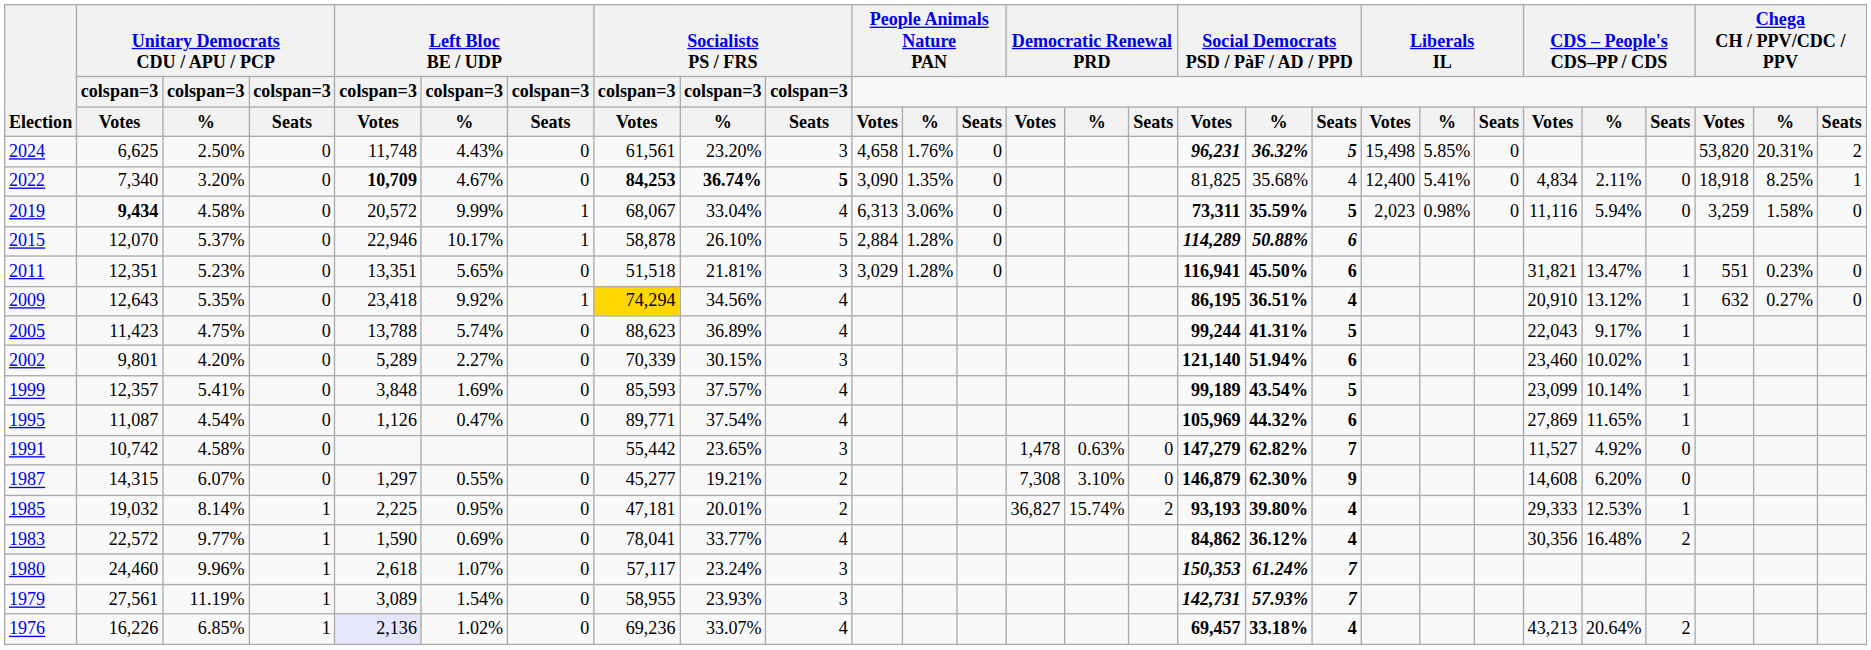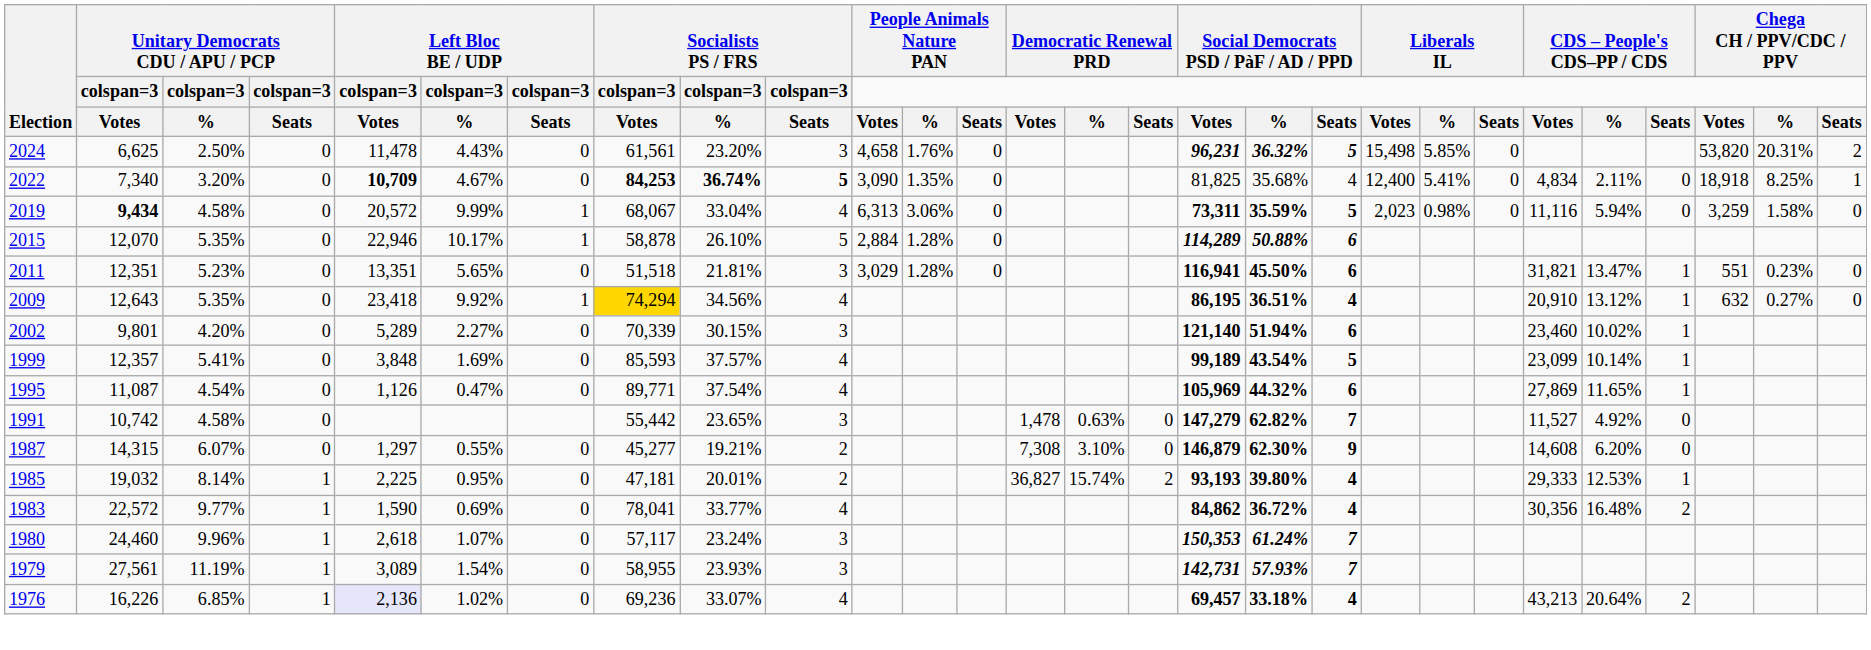 <table class="wikitable" border="1" style="font-size:85%; text-align:right;">
 <tr>
 <th style="text-align:left;" valign=bottom rowspan=3>Election</th>
 <th valign=bottom colspan=3><a href='#'>Unitary Democrats</a><br>CDU / APU / PCP</th>
 <th valign=bottom colspan=3><a href='#'>Left Bloc</a><br>BE / UDP</th>
 <th valign=bottom colspan=3><a href='#'>Socialists</a><br>PS / FRS</th>
 <th valign=bottom colspan=3><a href='#'>People Animals Nature</a><br>PAN</th>
 <th valign=bottom colspan=3><a href='#'>Democratic Renewal</a><br>PRD</th>
 <th valign=bottom colspan=3><a href='#'>Social Democrats</a><br>PSD / PàF / AD / PPD</th>
 <th valign=bottom colspan=3><a href='#'>Liberals</a><br>IL</th>
 <th valign=bottom colspan=3><a href='#'>CDS – People's</a><br>CDS–PP / CDS</th>
 <th valign=bottom colspan=3><a href='#'>Chega</a><br>CH / PPV/CDC / PPV</th>
 </tr>
 <tr>
 <th>colspan=3 </th>
 <th>colspan=3 </th>
 <th>colspan=3 </th>
 <th>colspan=3 </th>
 <th>colspan=3 </th>
 <th>colspan=3 </th>
 <th>colspan=3 </th>
 <th>colspan=3 </th>
 <th>colspan=3 </th>
 </tr>
 <tr>
 <th>Votes</th>
 <th>%</th>
 <th>Seats</th>
 <th>Votes</th>
 <th>%</th>
 <th>Seats</th>
 <th>Votes</th>
 <th>%</th>
 <th>Seats</th>
 <th>Votes</th>
 <th>%</th>
 <th>Seats</th>
 <th>Votes</th>
 <th>%</th>
 <th>Seats</th>
 <th>Votes</th>
 <th>%</th>
 <th>Seats</th>
 <th>Votes</th>
 <th>%</th>
 <th>Seats</th>
 <th>Votes</th>
 <th>%</th>
 <th>Seats</th>
 <th>Votes</th>
 <th>%</th>
 <th>Seats</th>
 </tr>
 <tr>
 <td align=left><a href='#'>2024</a></td>
 <td>6,625</td>
 <td>2.50%</td>
 <td>0</td>
-<td>11,748</td>
+<td>11,478</td>
 <td>4.43%</td>
 <td>0</td>
 <td>61,561</td>
 <td>23.20%</td>
 <td>3</td>
 <td>4,658</td>
 <td>1.76%</td>
 <td>0</td>
 <td></td>
 <td></td>
 <td></td>
 <td><strong><em>96,231</em></strong></td>
 <td><strong><em>36.32%</em></strong></td>
 <td><strong><em>5</em></strong></td>
 <td>15,498</td>
 <td>5.85%</td>
 <td>0</td>
 <td></td>
 <td></td>
 <td></td>
 <td>53,820</td>
 <td>20.31%</td>
 <td>2</td>
 </tr>
 <tr>
 <td align=left><a href='#'>2022</a></td>
 <td>7,340</td>
 <td>3.20%</td>
 <td>0</td>
 <td><strong>10,709</strong></td>
 <td>4.67%</td>
 <td>0</td>
 <td><strong>84,253</strong></td>
 <td><strong>36.74%</strong></td>
 <td><strong>5</strong></td>
 <td>3,090</td>
 <td>1.35%</td>
 <td>0</td>
 <td></td>
 <td></td>
 <td></td>
 <td>81,825</td>
 <td>35.68%</td>
 <td>4</td>
 <td>12,400</td>
 <td>5.41%</td>
 <td>0</td>
 <td>4,834</td>
 <td>2.11%</td>
 <td>0</td>
 <td>18,918</td>
 <td>8.25%</td>
 <td>1</td>
 </tr>
 <tr>
 <td align=left><a href='#'>2019</a></td>
 <td><strong>9,434</strong></td>
 <td>4.58%</td>
 <td>0</td>
 <td>20,572</td>
 <td>9.99%</td>
 <td>1</td>
 <td>68,067</td>
 <td>33.04%</td>
 <td>4</td>
 <td>6,313</td>
 <td>3.06%</td>
 <td>0</td>
 <td></td>
 <td></td>
 <td></td>
 <td><strong>73,311</strong></td>
 <td><strong>35.59%</strong></td>
 <td><strong>5</strong></td>
 <td>2,023</td>
 <td>0.98%</td>
 <td>0</td>
 <td>11,116</td>
 <td>5.94%</td>
 <td>0</td>
 <td>3,259</td>
 <td>1.58%</td>
 <td>0</td>
 </tr>
 <tr>
 <td align=left><a href='#'>2015</a></td>
 <td>12,070</td>
-<td>5.37%</td>
+<td>5.35%</td>
 <td>0</td>
 <td>22,946</td>
 <td>10.17%</td>
 <td>1</td>
 <td>58,878</td>
 <td>26.10%</td>
 <td>5</td>
 <td>2,884</td>
 <td>1.28%</td>
 <td>0</td>
 <td></td>
 <td></td>
 <td></td>
 <td><strong><em>114,289</em></strong></td>
 <td><strong><em>50.88%</em></strong></td>
 <td><strong><em>6</em></strong></td>
 <td></td>
 <td></td>
 <td></td>
 <td></td>
 <td></td>
 <td></td>
 <td></td>
 <td></td>
 <td></td>
 </tr>
 <tr>
 <td align=left><a href='#'>2011</a></td>
 <td>12,351</td>
 <td>5.23%</td>
 <td>0</td>
 <td>13,351</td>
 <td>5.65%</td>
 <td>0</td>
 <td>51,518</td>
 <td>21.81%</td>
 <td>3</td>
 <td>3,029</td>
 <td>1.28%</td>
 <td>0</td>
 <td></td>
 <td></td>
 <td></td>
 <td><strong>116,941</strong></td>
 <td><strong>45.50%</strong></td>
 <td><strong>6</strong></td>
 <td></td>
 <td></td>
 <td></td>
 <td>31,821</td>
 <td>13.47%</td>
 <td>1</td>
 <td>551</td>
 <td>0.23%</td>
 <td>0</td>
 </tr>
 <tr>
 <td align=left><a href='#'>2009</a></td>
 <td>12,643</td>
 <td>5.35%</td>
 <td>0</td>
 <td>23,418</td>
 <td>9.92%</td>
 <td>1</td>
 <td style="background: gold;">74,294</td>
 <td>34.56%</td>
 <td>4</td>
 <td></td>
 <td></td>
 <td></td>
 <td></td>
 <td></td>
 <td></td>
 <td><strong>86,195</strong></td>
 <td><strong>36.51%</strong></td>
 <td><strong>4</strong></td>
 <td></td>
 <td></td>
 <td></td>
 <td>20,910</td>
 <td>13.12%</td>
 <td>1</td>
 <td>632</td>
 <td>0.27%</td>
 <td>0</td>
-</tr>
-<tr>
-<td align=left><a href='#'>2005</a></td>
-<td>11,423</td>
-<td>4.75%</td>
-<td>0</td>
-<td>13,788</td>
-<td>5.74%</td>
-<td>0</td>
-<td>88,623</td>
-<td>36.89%</td>
-<td>4</td>
-<td></td>
-<td></td>
-<td></td>
-<td></td>
-<td></td>
-<td></td>
-<td><strong>99,244</strong></td>
-<td><strong>41.31%</strong></td>
-<td><strong>5</strong></td>
-<td></td>
-<td></td>
-<td></td>
-<td>22,043</td>
-<td>9.17%</td>
-<td>1</td>
-<td></td>
-<td></td>
-<td></td>
 </tr>
 <tr>
 <td align=left><a href='#'>2002</a></td>
 <td>9,801</td>
 <td>4.20%</td>
 <td>0</td>
 <td>5,289</td>
 <td>2.27%</td>
 <td>0</td>
 <td>70,339</td>
 <td>30.15%</td>
 <td>3</td>
 <td></td>
 <td></td>
 <td></td>
 <td></td>
 <td></td>
 <td></td>
 <td><strong>121,140</strong></td>
 <td><strong>51.94%</strong></td>
 <td><strong>6</strong></td>
 <td></td>
 <td></td>
 <td></td>
 <td>23,460</td>
 <td>10.02%</td>
 <td>1</td>
 <td></td>
 <td></td>
 <td></td>
 </tr>
 <tr>
 <td align=left><a href='#'>1999</a></td>
 <td>12,357</td>
 <td>5.41%</td>
 <td>0</td>
 <td>3,848</td>
 <td>1.69%</td>
 <td>0</td>
 <td>85,593</td>
 <td>37.57%</td>
 <td>4</td>
 <td></td>
 <td></td>
 <td></td>
 <td></td>
 <td></td>
 <td></td>
 <td><strong>99,189</strong></td>
 <td><strong>43.54%</strong></td>
 <td><strong>5</strong></td>
 <td></td>
 <td></td>
 <td></td>
 <td>23,099</td>
 <td>10.14%</td>
 <td>1</td>
 <td></td>
 <td></td>
 <td></td>
 </tr>
 <tr>
 <td align=left><a href='#'>1995</a></td>
 <td>11,087</td>
 <td>4.54%</td>
 <td>0</td>
 <td>1,126</td>
 <td>0.47%</td>
 <td>0</td>
 <td>89,771</td>
 <td>37.54%</td>
 <td>4</td>
 <td></td>
 <td></td>
 <td></td>
 <td></td>
 <td></td>
 <td></td>
 <td><strong>105,969</strong></td>
 <td><strong>44.32%</strong></td>
 <td><strong>6</strong></td>
 <td></td>
 <td></td>
 <td></td>
 <td>27,869</td>
 <td>11.65%</td>
 <td>1</td>
 <td></td>
 <td></td>
 <td></td>
 </tr>
 <tr>
 <td align=left><a href='#'>1991</a></td>
 <td>10,742</td>
 <td>4.58%</td>
 <td>0</td>
 <td></td>
 <td></td>
 <td></td>
 <td>55,442</td>
 <td>23.65%</td>
 <td>3</td>
 <td></td>
 <td></td>
 <td></td>
 <td>1,478</td>
 <td>0.63%</td>
 <td>0</td>
 <td><strong>147,279</strong></td>
 <td><strong>62.82%</strong></td>
 <td><strong>7</strong></td>
 <td></td>
 <td></td>
 <td></td>
 <td>11,527</td>
 <td>4.92%</td>
 <td>0</td>
 <td></td>
 <td></td>
 <td></td>
 </tr>
 <tr>
 <td align=left><a href='#'>1987</a></td>
 <td>14,315</td>
 <td>6.07%</td>
 <td>0</td>
 <td>1,297</td>
 <td>0.55%</td>
 <td>0</td>
 <td>45,277</td>
 <td>19.21%</td>
 <td>2</td>
 <td></td>
 <td></td>
 <td></td>
 <td>7,308</td>
 <td>3.10%</td>
 <td>0</td>
 <td><strong>146,879</strong></td>
 <td><strong>62.30%</strong></td>
 <td><strong>9</strong></td>
 <td></td>
 <td></td>
 <td></td>
 <td>14,608</td>
 <td>6.20%</td>
 <td>0</td>
 <td></td>
 <td></td>
 <td></td>
 </tr>
 <tr>
 <td align=left><a href='#'>1985</a></td>
 <td>19,032</td>
 <td>8.14%</td>
 <td>1</td>
 <td>2,225</td>
 <td>0.95%</td>
 <td>0</td>
 <td>47,181</td>
 <td>20.01%</td>
 <td>2</td>
 <td></td>
 <td></td>
 <td></td>
 <td>36,827</td>
 <td>15.74%</td>
 <td>2</td>
 <td><strong>93,193</strong></td>
 <td><strong>39.80%</strong></td>
 <td><strong>4</strong></td>
 <td></td>
 <td></td>
 <td></td>
 <td>29,333</td>
 <td>12.53%</td>
 <td>1</td>
 <td></td>
 <td></td>
 <td></td>
 </tr>
 <tr>
 <td align=left><a href='#'>1983</a></td>
 <td>22,572</td>
 <td>9.77%</td>
 <td>1</td>
 <td>1,590</td>
 <td>0.69%</td>
 <td>0</td>
 <td>78,041</td>
 <td>33.77%</td>
 <td>4</td>
 <td></td>
 <td></td>
 <td></td>
 <td></td>
 <td></td>
 <td></td>
 <td><strong>84,862</strong></td>
-<td><strong>36.12%</strong></td>
+<td><strong>36.72%</strong></td>
 <td><strong>4</strong></td>
 <td></td>
 <td></td>
 <td></td>
 <td>30,356</td>
 <td>16.48%</td>
 <td>2</td>
 <td></td>
 <td></td>
 <td></td>
 </tr>
 <tr>
 <td align=left><a href='#'>1980</a></td>
 <td>24,460</td>
 <td>9.96%</td>
 <td>1</td>
 <td>2,618</td>
 <td>1.07%</td>
 <td>0</td>
 <td>57,117</td>
 <td>23.24%</td>
 <td>3</td>
 <td></td>
 <td></td>
 <td></td>
 <td></td>
 <td></td>
 <td></td>
 <td><strong><em>150,353</em></strong></td>
 <td><strong><em>61.24%</em></strong></td>
 <td><strong><em>7</em></strong></td>
 <td></td>
 <td></td>
 <td></td>
 <td></td>
 <td></td>
 <td></td>
 <td></td>
 <td></td>
 <td></td>
 </tr>
 <tr>
 <td align=left><a href='#'>1979</a></td>
 <td>27,561</td>
 <td>11.19%</td>
 <td>1</td>
 <td>3,089</td>
 <td>1.54%</td>
 <td>0</td>
 <td>58,955</td>
 <td>23.93%</td>
 <td>3</td>
 <td></td>
 <td></td>
 <td></td>
 <td></td>
 <td></td>
 <td></td>
 <td><strong><em>142,731</em></strong></td>
 <td><strong><em>57.93%</em></strong></td>
 <td><strong><em>7</em></strong></td>
 <td></td>
 <td></td>
 <td></td>
 <td></td>
 <td></td>
 <td></td>
 <td></td>
 <td></td>
 <td></td>
 </tr>
 <tr>
 <td align=left><a href='#'>1976</a></td>
 <td>16,226</td>
 <td>6.85%</td>
 <td>1</td>
 <td style="background: lavender;">2,136</td>
 <td>1.02%</td>
 <td>0</td>
 <td>69,236</td>
 <td>33.07%</td>
 <td>4</td>
 <td></td>
 <td></td>
 <td></td>
 <td></td>
 <td></td>
 <td></td>
 <td><strong>69,457</strong></td>
 <td><strong>33.18%</strong></td>
 <td><strong>4</strong></td>
 <td></td>
 <td></td>
 <td></td>
 <td>43,213</td>
 <td>20.64%</td>
 <td>2</td>
 <td></td>
 <td></td>
 <td></td>
 </tr>
 </table>
